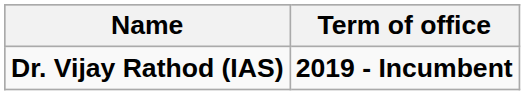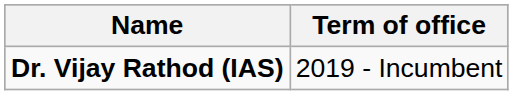 <table class="wikitable">
 <tr>
 <th>Name</th>
 <th>Term of office</th>
 </tr>
 <tr>
 <td><strong>Dr. Vijay Rathod (IAS)</strong></td>
-<td><strong>2019 - Incumbent</strong></td>
+<td>2019 - Incumbent</td>
 </tr>
 </table>
